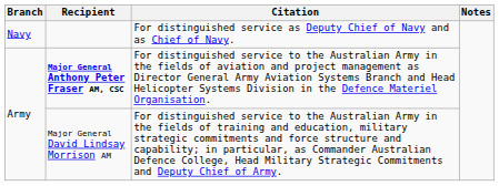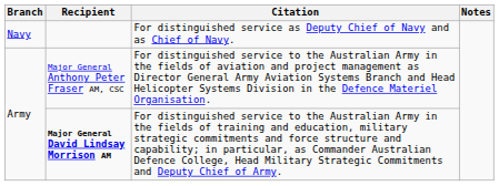 <table class="wikitable" style="font-size:95%;">
 <tr>
 <th>Branch</th>
 <th>Recipient</th>
 <th>Citation</th>
 <th>Notes</th>
 </tr>
 <tr>
 <td><a href='#'>Navy</a></td>
 <td></td>
 <td>For distinguished service as <a href='#'>Deputy Chief of Navy</a> and as <a href='#'>Chief of Navy</a>.</td>
 <td rowspan=3></td>
 </tr>
 <tr>
 <td rowspan=2>Army</td>
-<td><strong><small><a href='#'>Major General</a></small> <a href='#'>Anthony Peter Fraser</a> <small>AM, CSC</small></strong></td>
+<td><small><a href='#'>Major General</a></small> <a href='#'>Anthony Peter Fraser</a> <small>AM, CSC</small></td>
 <td>For distinguished service to the Australian Army in the fields of aviation and project management as Director General Army Aviation Systems Branch and Head Helicopter Systems Division in the <a href='#'>Defence Materiel Organisation</a>.</td>
 </tr>
 <tr>
-<td><small>Major General</small> <a href='#'>David Lindsay Morrison</a> <small>AM</small></td>
+<td><strong><small>Major General</small> <a href='#'>David Lindsay Morrison</a> <small>AM</small></strong></td>
 <td>For distinguished service to the Australian Army in the fields of training and education, military strategic commitments and force structure and capability; in particular, as Commander Australian Defence College, Head Military Strategic Commitments and <a href='#'>Deputy Chief of Army</a>.</td>
 </tr>
 </table>
